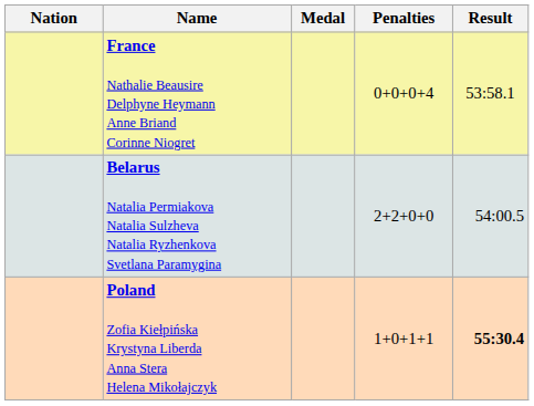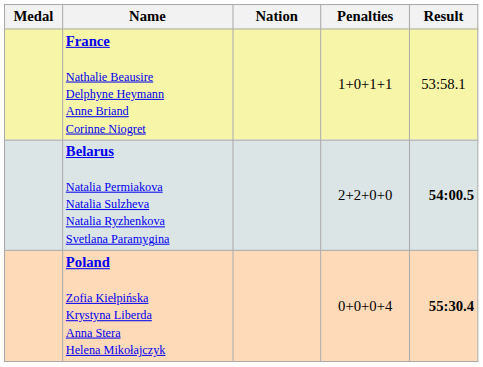 <table class=wikitable style="border:1px solid #AAAAAA;font-size:90%">
 <tr bgcolor="#E4E4E4">
+<th style="border-bottom:1px solid #AAAAAA" width=50>Medal</th>
+<th style="border-bottom:1px solid #AAAAAA" width=160>Name</th>
 <th style="border-bottom:1px solid #AAAAAA" width=80>Nation</th>
-<th style="border-bottom:1px solid #AAAAAA" width=160>Name</th>
-<th style="border-bottom:1px solid #AAAAAA" width=50>Medal</th>
 <th style="border-bottom:1px solid #AAAAAA" width=80>Penalties</th>
 <th style="border-bottom:1px solid #AAAAAA" width=60>Result</th>
 </tr>
 <tr bgcolor="#F7F6A8">
+<td align="center"></td>
+<td><strong><a href='#'>France</a></strong><br><br><small><a href='#'>Nathalie Beausire</a><br><a href='#'>Delphyne Heymann</a><br><a href='#'>Anne Briand</a><br><a href='#'>Corinne Niogret</a></small></td>
 <td></td>
-<td><strong><a href='#'>France</a></strong><br><br><small><a href='#'>Nathalie Beausire</a><br><a href='#'>Delphyne Heymann</a><br><a href='#'>Anne Briand</a><br><a href='#'>Corinne Niogret</a></small></td>
-<td align="center"></td>
-<td align="center">0+0+0+4</td>
+<td align="center">1+0+1+1</td>
 <td align="center">53:58.1</td>
 </tr>
 <tr bgcolor="#DCE5E5">
+<td align="center"></td>
+<td><strong><a href='#'>Belarus</a></strong><br><br><small><a href='#'>Natalia Permiakova</a><br><a href='#'>Natalia Sulzheva</a><br><a href='#'>Natalia Ryzhenkova</a><br><a href='#'>Svetlana Paramygina</a></small></td>
 <td></td>
-<td><strong><a href='#'>Belarus</a></strong><br><br><small><a href='#'>Natalia Permiakova</a><br><a href='#'>Natalia Sulzheva</a><br><a href='#'>Natalia Ryzhenkova</a><br><a href='#'>Svetlana Paramygina</a></small></td>
-<td align="center"></td>
 <td align="center">2+2+0+0</td>
-<td align="right">54:00.5</td>
+<td align="right"><strong>54:00.5</strong></td>
 </tr>
 <tr bgcolor="#FFDAB9">
+<td align="center"></td>
+<td><strong><a href='#'>Poland</a></strong><br><br><small><a href='#'>Zofia Kiełpińska</a><br><a href='#'>Krystyna Liberda</a><br><a href='#'>Anna Stera</a><br><a href='#'>Helena Mikołajczyk</a></small></td>
 <td></td>
-<td><strong><a href='#'>Poland</a></strong><br><br><small><a href='#'>Zofia Kiełpińska</a><br><a href='#'>Krystyna Liberda</a><br><a href='#'>Anna Stera</a><br><a href='#'>Helena Mikołajczyk</a></small></td>
-<td align="center"></td>
-<td align="center">1+0+1+1</td>
+<td align="center">0+0+0+4</td>
 <td align="right"><strong>55:30.4</strong></td>
 </tr>
 </table>
